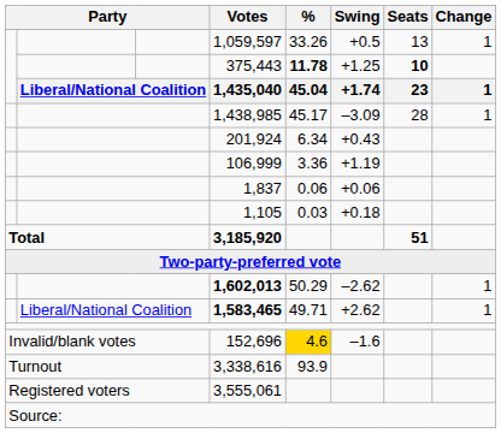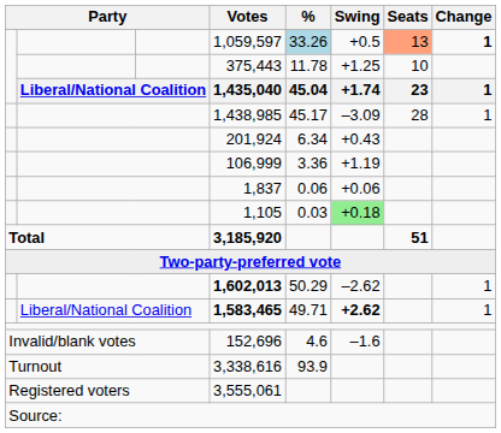 <table class="wikitable">
 <tr>
 <th colspan="3" style="width:200px"><strong>Party</strong></th>
 <th style="width:70px; text-align:center;"><strong>Votes</strong></th>
 <th style="width:40px; text-align:center;"><strong>%</strong></th>
 <th style="width:40px; text-align:center;"><strong>Swing</strong></th>
 <th style="width:40px; text-align:center;"><strong>Seats</strong></th>
 <th style="width:40px; text-align:center;"><strong>Change</strong></th>
 </tr>
 <tr>
 <td rowspan="3"> </td>
 <td> </td>
 <td></td>
 <td align=right>1,059,597</td>
-<td align=right>33.26</td>
+<td align=right style="background: lightblue;">33.26</td>
 <td align=right>+0.5</td>
-<td align=right>13</td>
-<td align=right> 1</td>
+<td align=right style="background: lightsalmon;">13</td>
+<td align=right><strong> 1</strong></td>
 </tr>
 <tr>
 <td> </td>
 <td></td>
 <td align=right>375,443</td>
-<td align=right><strong>11.78</strong></td>
+<td align=right>11.78</td>
 <td align=right>+1.25</td>
-<td align=right><strong>10</strong></td>
+<td align=right>10</td>
 <td align=right></td>
 </tr>
 <tr>
 <th colspan="2" style="text-align:left;"><a href='#'>Liberal/National Coalition</a></th>
 <th style="text-align:right;">1,435,040</th>
 <th style="text-align:right;">45.04</th>
 <th style="text-align:right;">+1.74</th>
 <th style="text-align:right;">23</th>
 <th style="text-align:right;"> 1</th>
 </tr>
 <tr>
 <td> </td>
 <td colspan=2></td>
 <td align=right>1,438,985</td>
 <td align=right>45.17</td>
 <td align=right>–3.09</td>
 <td align=right>28</td>
 <td align=right> 1</td>
 </tr>
 <tr>
 <td> </td>
 <td colspan=2></td>
 <td align=right>201,924</td>
 <td align=right>6.34</td>
 <td align=right>+0.43</td>
 <td align=right></td>
 <td align=right></td>
 </tr>
 <tr>
 <td> </td>
 <td colspan=2></td>
 <td align=right>106,999</td>
 <td align=right>3.36</td>
 <td align=right>+1.19</td>
 <td align=right></td>
 <td align=right></td>
 </tr>
 <tr>
 <td> </td>
 <td colspan=2></td>
 <td align=right>1,837</td>
 <td align=right>0.06</td>
 <td align=right>+0.06</td>
 <td align=right></td>
 <td align=right></td>
 </tr>
 <tr>
 <td> </td>
 <td colspan=2></td>
 <td align=right>1,105</td>
 <td align=right>0.03</td>
-<td align=right>+0.18</td>
+<td align=right style="background: lightgreen;">+0.18</td>
 <td align=right></td>
 <td align=right></td>
 </tr>
 <tr>
 <td colspan="3" align="left"><strong>Total</strong></td>
 <td align=right><strong>3,185,920</strong></td>
 <td align=right></td>
 <td align=right></td>
 <td align=right><strong>51</strong></td>
 <td align=right></td>
 </tr>
 <tr>
 <td colspan="8" style="text-align:center; background:#eee;"><strong><a href='#'>Two-party-preferred vote</a></strong></td>
 </tr>
 <tr>
 <td> </td>
 <td colspan=2></td>
 <td align=right><strong>1,602,013</strong></td>
 <td align=right>50.29</td>
 <td align=right>–2.62</td>
 <td align=right></td>
 <td align=right> 1</td>
 </tr>
 <tr>
 <td> </td>
 <td colspan=2><a href='#'>Liberal/National Coalition</a></td>
 <td align=right><strong>1,583,465</strong></td>
 <td align=right>49.71</td>
-<td align=right>+2.62</td>
+<td align=right><strong>+2.62</strong></td>
 <td align=right></td>
 <td align=right> 1</td>
 </tr>
 <tr>
 <td colspan="8"></td>
 </tr>
 <tr>
 <td colspan="3" style="text-align:left;">Invalid/blank votes</td>
 <td align="right">152,696</td>
-<td align="right" style="background: gold;">4.6</td>
+<td align="right">4.6</td>
 <td align="right">–1.6</td>
 <td></td>
 <td></td>
 </tr>
 <tr>
 <td colspan="3" style="text-align:left;">Turnout</td>
 <td align="right">3,338,616</td>
 <td align="right">93.9</td>
 <td align="right"></td>
 <td></td>
 <td></td>
 </tr>
 <tr>
 <td colspan="3" style="text-align:left;">Registered voters</td>
 <td align="right">3,555,061</td>
 <td></td>
 <td></td>
 <td></td>
 <td></td>
 </tr>
 <tr>
 <td colspan="8" align="left">Source: </td>
 </tr>
 </table>
